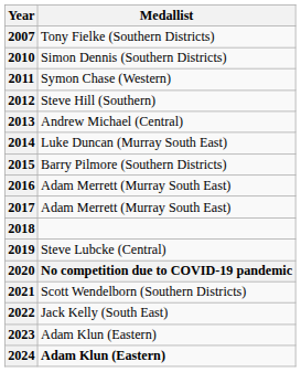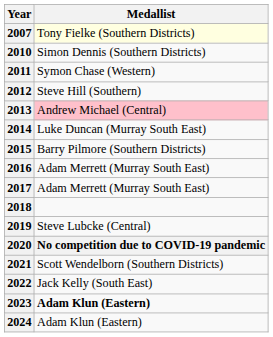 <table class="wikitable">
 <tr>
 <th>Year</th>
 <th>Medallist</th>
 </tr>
 <tr>
 <th>2007</th>
-<td>Tony Fielke (Southern Districts)</td>
+<td style="background: lightyellow;">Tony Fielke (Southern Districts)</td>
 </tr>
 <tr>
 <th>2010</th>
 <td>Simon Dennis (Southern Districts)</td>
 </tr>
 <tr>
 <th>2011</th>
 <td>Symon Chase (Western)</td>
 </tr>
 <tr>
 <th>2012</th>
 <td>Steve Hill (Southern)</td>
 </tr>
 <tr>
 <th>2013</th>
-<td>Andrew Michael (Central)</td>
+<td style="background: pink;">Andrew Michael (Central)</td>
 </tr>
 <tr>
 <th>2014</th>
 <td>Luke Duncan (Murray South East)</td>
 </tr>
 <tr>
 <th>2015 </th>
 <td>Barry Pilmore (Southern Districts)</td>
 </tr>
 <tr>
 <th>2016 </th>
 <td>Adam Merrett (Murray South East)</td>
 </tr>
 <tr>
 <th>2017 </th>
 <td>Adam Merrett (Murray South East)</td>
 </tr>
 <tr>
 <th>2018</th>
 <td></td>
 </tr>
 <tr>
 <th>2019</th>
 <td>Steve Lubcke (Central)</td>
 </tr>
 <tr>
 <th>2020</th>
 <th>No competition due to COVID-19 pandemic</th>
 </tr>
 <tr>
 <th>2021</th>
 <td>Scott Wendelborn (Southern Districts)</td>
 </tr>
 <tr>
 <th>2022</th>
 <td>Jack Kelly (South East)</td>
 </tr>
 <tr>
 <th>2023</th>
-<td>Adam Klun (Eastern)</td>
+<td><strong>Adam Klun (Eastern)</strong></td>
 </tr>
 <tr>
 <th>2024</th>
-<td><strong>Adam Klun (Eastern)</strong></td>
+<td>Adam Klun (Eastern)</td>
 </tr>
 </table>
